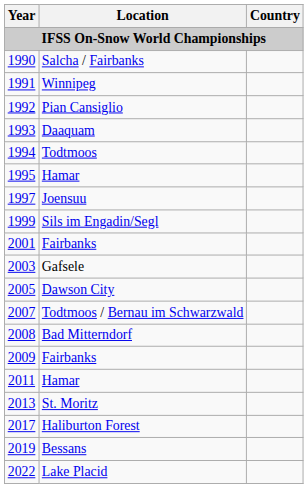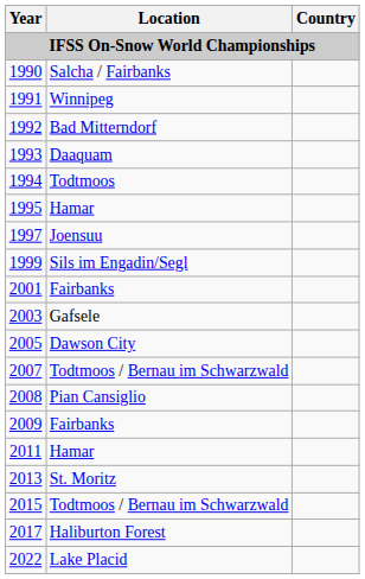 <table class="wikitable sortable" style="text-align:left; font-size:90%;">
 <tr>
 <th>Year</th>
 <th>Location</th>
 <th>Country</th>
 </tr>
 <tr>
 <td colspan="3" bgcolor="#cccccc"align=center><strong>IFSS On-Snow World Championships</strong></td>
 </tr>
 <tr>
 <td align=center><a href='#'>1990</a></td>
 <td><a href='#'>Salcha</a> / <a href='#'>Fairbanks</a></td>
 <td></td>
 </tr>
 <tr>
 <td align=center><a href='#'>1991</a></td>
 <td><a href='#'>Winnipeg</a></td>
 <td></td>
 </tr>
 <tr>
 <td align=center><a href='#'>1992</a></td>
-<td><a href='#'>Pian Cansiglio</a></td>
+<td><a href='#'>Bad Mitterndorf</a></td>
 <td></td>
 </tr>
 <tr>
 <td align=center><a href='#'>1993</a></td>
 <td><a href='#'>Daaquam</a></td>
 <td></td>
 </tr>
 <tr>
 <td align=center><a href='#'>1994</a></td>
 <td><a href='#'>Todtmoos</a></td>
 <td></td>
 </tr>
 <tr>
 <td align=center><a href='#'>1995</a></td>
 <td><a href='#'>Hamar</a></td>
 <td></td>
 </tr>
 <tr>
 <td align=center><a href='#'>1997</a></td>
 <td><a href='#'>Joensuu</a></td>
 <td></td>
 </tr>
 <tr>
 <td align=center><a href='#'>1999</a></td>
 <td><a href='#'>Sils im Engadin/Segl</a></td>
 <td></td>
 </tr>
 <tr>
 <td align=center><a href='#'>2001</a></td>
 <td><a href='#'>Fairbanks</a></td>
 <td></td>
 </tr>
 <tr>
 <td align=center><a href='#'>2003</a></td>
 <td>Gafsele</td>
 <td></td>
 </tr>
 <tr>
 <td align=center><a href='#'>2005</a></td>
 <td><a href='#'>Dawson City</a></td>
 <td></td>
 </tr>
 <tr>
 <td align=center><a href='#'>2007</a></td>
 <td><a href='#'>Todtmoos</a> / <a href='#'>Bernau im Schwarzwald</a></td>
 <td></td>
 </tr>
 <tr>
 <td align=center><a href='#'>2008</a></td>
-<td><a href='#'>Bad Mitterndorf</a></td>
+<td><a href='#'>Pian Cansiglio</a></td>
 <td></td>
 </tr>
 <tr>
 <td align=center><a href='#'>2009</a></td>
 <td><a href='#'>Fairbanks</a></td>
 <td></td>
 </tr>
 <tr>
 <td align=center><a href='#'>2011</a></td>
 <td><a href='#'>Hamar</a></td>
 <td></td>
 </tr>
 <tr>
 <td align=center><a href='#'>2013</a></td>
 <td><a href='#'>St. Moritz</a></td>
 <td></td>
 </tr>
 <tr>
-<td align=center><a href='#'>2017</a></td>
-<td><a href='#'>Haliburton Forest</a></td>
+<td align=center><a href='#'>2015</a></td>
+<td><a href='#'>Todtmoos</a> / <a href='#'>Bernau im Schwarzwald</a></td>
 <td></td>
 </tr>
 <tr>
-<td align=center><a href='#'>2019</a></td>
-<td><a href='#'>Bessans</a></td>
+<td align=center><a href='#'>2017</a></td>
+<td><a href='#'>Haliburton Forest</a></td>
 <td></td>
 </tr>
 <tr>
 <td align=center><a href='#'>2022</a></td>
 <td><a href='#'>Lake Placid</a></td>
 <td></td>
 </tr>
 </table>
